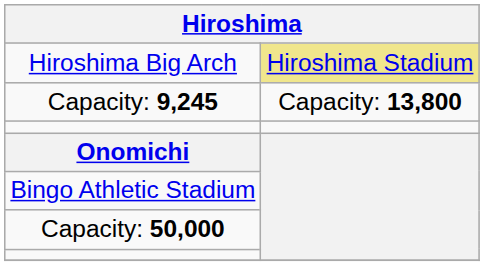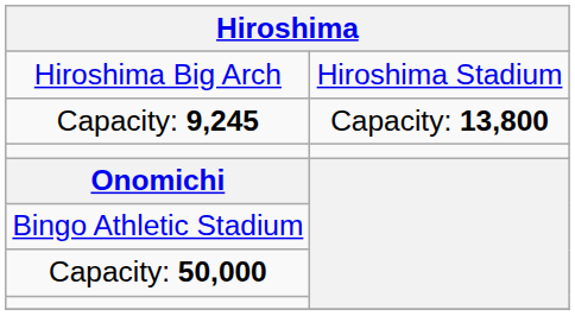 <table class="wikitable" style="text-align:center">
 <tr>
 <th colspan="2"><a href='#'>Hiroshima</a></th>
 </tr>
 <tr>
 <td><a href='#'>Hiroshima Big Arch</a></td>
-<td style="background: khaki;"><a href='#'>Hiroshima Stadium</a></td>
+<td><a href='#'>Hiroshima Stadium</a></td>
 </tr>
 <tr>
 <td>Capacity: <strong>9,245</strong></td>
 <td>Capacity: <strong>13,800</strong></td>
 </tr>
 <tr>
 <td></td>
 <td></td>
 </tr>
 <tr>
 <th><a href='#'>Onomichi</a></th>
 <th rowspan="4"></th>
 </tr>
 <tr>
 <td><a href='#'>Bingo Athletic Stadium</a></td>
 </tr>
 <tr>
 <td>Capacity: <strong>50,000</strong></td>
 </tr>
 <tr>
 <td></td>
 </tr>
 <tr>
 </tr>
 </table>
